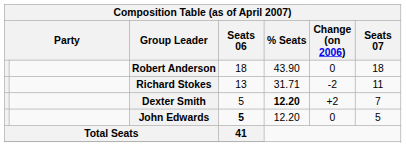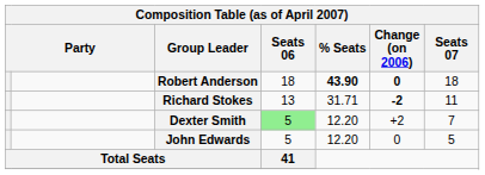 <table class="wikitable" style="font-size: 95%;">
 <tr style="background-color:#E9E9E9">
 <th colspan="7">Composition Table (as of April 2007)</th>
 </tr>
 <tr style="background-color:#E9E9E9">
 <th colspan="2">Party</th>
 <th align="center">Group Leader</th>
 <th style="width: 60px">Seats 06</th>
 <th style="width: 60px">% Seats</th>
 <th style="width: 60px">Change (on <a href='#'>2006</a>)</th>
 <th style="width: 60px">Seats 07</th>
 </tr>
 <tr>
 <th style="background-color: "></th>
 <td style="width: 170px"><a href='#'></a></td>
 <th align="center">Robert Anderson</th>
 <td align="center">18</td>
-<td align="center">43.90</td>
-<td align="center">0</td>
+<td align="center"><strong>43.90</strong></td>
+<td align="center"><strong>0</strong></td>
 <td align="center">18</td>
 </tr>
 <tr>
 <th style="background-color: "></th>
 <td style="width: 170px"></td>
 <th align="center">Richard Stokes</th>
 <td align="center">13</td>
 <td align="center">31.71</td>
-<td align="center">-2</td>
+<td align="center"><strong>-2</strong></td>
 <td align="center">11</td>
 </tr>
 <tr>
 <th style="background-color: "></th>
 <td style="width: 170px"><a href='#'></a></td>
 <th align="center">Dexter Smith</th>
-<td align="center">5</td>
-<td align="center"><strong>12.20</strong></td>
+<td align="center" style="background: lightgreen;">5</td>
+<td align="center">12.20</td>
 <td align="center">+2</td>
 <td align="center">7</td>
 </tr>
 <tr>
 <th style="background-color: "></th>
 <td style="width: 170px"><a href='#'></a></td>
 <th align="center">John Edwards</th>
-<td align="center"><strong>5</strong></td>
+<td align="center">5</td>
 <td align="center">12.20</td>
 <td align="center">0</td>
 <td align="center">5</td>
 </tr>
 <tr>
 <th colspan="3">Total Seats</th>
 <th style="width: 60px">41</th>
 </tr>
 <tr>
 </tr>
 </table>
